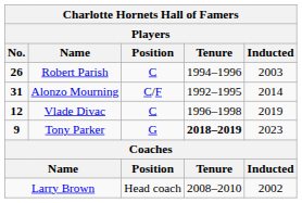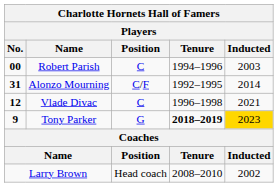 <table class="wikitable" style="text-align:center">
 <tr>
 <th colspan="5">Charlotte Hornets Hall of Famers</th>
 </tr>
 <tr>
 <th colspan="5" style="text-align:center; ">Players</th>
 </tr>
 <tr>
 <th>No.</th>
 <th>Name</th>
 <th>Position</th>
 <th>Tenure</th>
 <th>Inducted</th>
 </tr>
 <tr>
-<td><strong>26</strong></td>
+<td><strong>00</strong></td>
 <td><a href='#'>Robert Parish</a></td>
 <td><a href='#'>C</a></td>
 <td>1994–1996</td>
 <td>2003</td>
 </tr>
 <tr>
 <td><strong>31</strong></td>
 <td><a href='#'>Alonzo Mourning</a></td>
 <td><a href='#'>C</a>/<a href='#'>F</a></td>
 <td>1992–1995</td>
 <td>2014</td>
 </tr>
 <tr>
 <td><strong>12</strong></td>
 <td><a href='#'>Vlade Divac</a></td>
 <td><a href='#'>C</a></td>
 <td>1996–1998</td>
-<td>2019</td>
+<td>2021</td>
 </tr>
 <tr>
 <td><strong>9</strong></td>
 <td><a href='#'>Tony Parker</a></td>
 <td><a href='#'>G</a></td>
 <td><strong>2018–2019</strong></td>
-<td>2023</td>
+<td style="background: gold;">2023</td>
 </tr>
 <tr>
 <th colspan="5" style="text-align:center; ">Coaches</th>
 </tr>
 <tr>
 <th colspan="2">Name</th>
 <th>Position</th>
 <th>Tenure</th>
 <th>Inducted</th>
 </tr>
 <tr>
 <td colspan="2"><a href='#'>Larry Brown</a></td>
 <td>Head coach</td>
 <td>2008–2010</td>
 <td>2002</td>
 </tr>
 </table>
